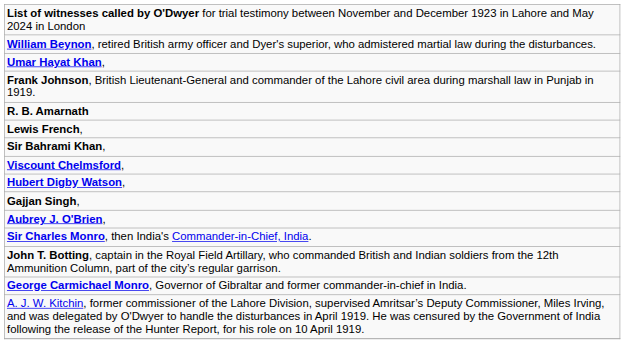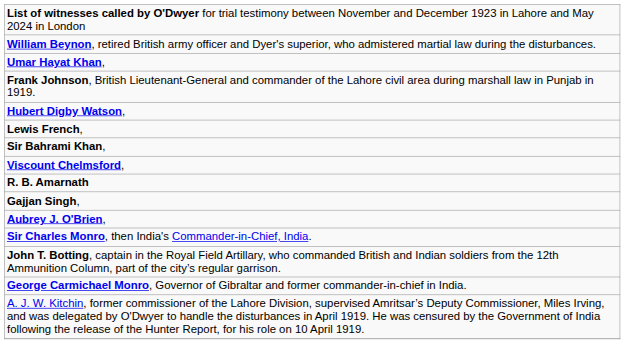 <table role="presentation" class="wikitable mw-collapsible mw-collapsed">
 <tr>
 <td + class="nowrap"><strong>List of witnesses called by O'Dwyer</strong> for trial testimony between November and December 1923 in Lahore and May 2024 in London</td>
 </tr>
 <tr>
 <td><strong><a href='#'>William Beynon</a></strong>, retired British army officer and Dyer's superior, who admistered martial law during the disturbances.</td>
 </tr>
 <tr>
 <td><strong><a href='#'>Umar Hayat Khan</a></strong>,</td>
 </tr>
 <tr>
 <td><strong>Frank Johnson</strong>, British Lieutenant-General and commander of the Lahore civil area during marshall law in Punjab in 1919.</td>
 </tr>
 <tr>
-<td><strong>R. B. Amarnath</strong></td>
+<td><strong><a href='#'>Hubert Digby Watson</a></strong>,</td>
 </tr>
 <tr>
 <td><strong>Lewis French</strong>,</td>
 </tr>
 <tr>
 <td><strong>Sir Bahrami Khan</strong>,</td>
 </tr>
 <tr>
 <td><strong><a href='#'>Viscount Chelmsford</a></strong>,</td>
 </tr>
 <tr>
-<td><strong><a href='#'>Hubert Digby Watson</a></strong>,</td>
+<td><strong>R. B. Amarnath</strong></td>
 </tr>
 <tr>
 <td><strong>Gajjan Singh</strong>,</td>
 </tr>
 <tr>
 <td><strong><a href='#'>Aubrey J. O'Brien</a></strong>,</td>
 </tr>
 <tr>
 <td><strong><a href='#'>Sir Charles Monro</a></strong>, then India's <a href='#'>Commander-in-Chief, India</a>.</td>
 </tr>
 <tr>
 <td><strong>John T. Botting</strong>, captain in the Royal Field Artillary, who commanded British and Indian soldiers from the 12th Ammunition Column, part of the city’s regular garrison.</td>
 </tr>
 <tr>
 <td><strong><a href='#'>George Carmichael Monro</a></strong>, Governor of Gibraltar and former commander-in-chief in India.</td>
 </tr>
 <tr>
 <td><a href='#'>A. J. W. Kitchin</a>, former commissioner of the Lahore Division, supervised Amritsar’s Deputy Commissioner, Miles Irving, and was delegated by O'Dwyer to handle the disturbances in April 1919. He was censured by the Government of India following the release of the Hunter Report, for his role on 10 April 1919.</td>
 </tr>
 <tr>
 </tr>
 </table>
